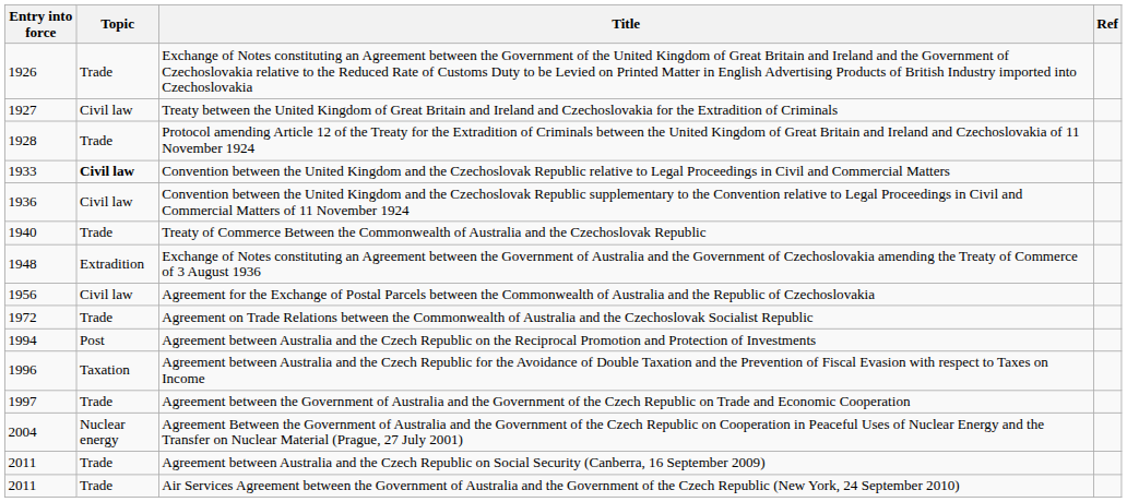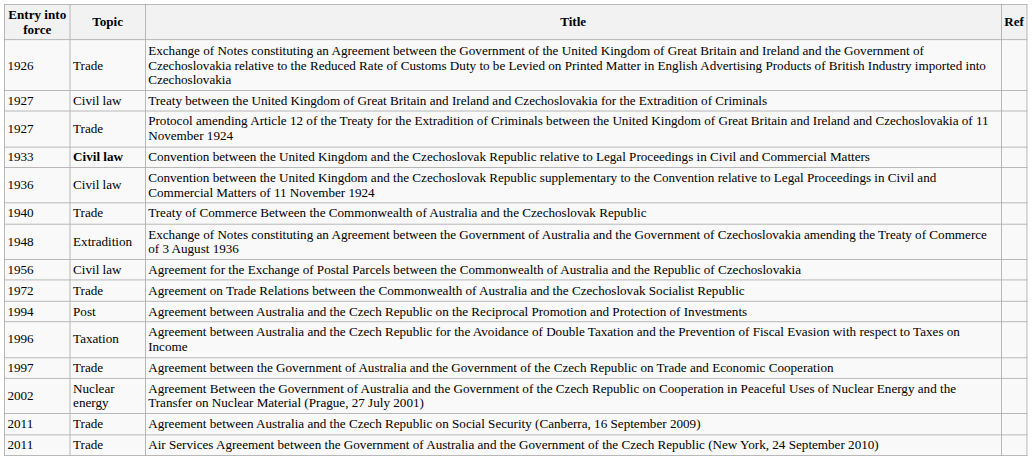 <table class="wikitable sortable">
 <tr>
 <th>Entry into force</th>
 <th>Topic</th>
 <th>Title</th>
 <th>Ref</th>
 </tr>
 <tr>
 <td>1926</td>
 <td>Trade</td>
 <td>Exchange of Notes constituting an Agreement between the Government of the United Kingdom of Great Britain and Ireland and the Government of Czechoslovakia relative to the Reduced Rate of Customs Duty to be Levied on Printed Matter in English Advertising Products of British Industry imported into Czechoslovakia</td>
 <td></td>
 </tr>
 <tr>
 <td>1927</td>
 <td>Civil law</td>
 <td>Treaty between the United Kingdom of Great Britain and Ireland and Czechoslovakia for the Extradition of Criminals</td>
 <td></td>
 </tr>
 <tr>
-<td>1928</td>
+<td>1927</td>
 <td>Trade</td>
 <td>Protocol amending Article 12 of the Treaty for the Extradition of Criminals between the United Kingdom of Great Britain and Ireland and Czechoslovakia of 11 November 1924</td>
 <td></td>
 </tr>
 <tr>
 <td>1933</td>
 <td><strong>Civil law</strong></td>
 <td>Convention between the United Kingdom and the Czechoslovak Republic relative to Legal Proceedings in Civil and Commercial Matters</td>
 <td></td>
 </tr>
 <tr>
 <td>1936</td>
 <td>Civil law</td>
 <td>Convention between the United Kingdom and the Czechoslovak Republic supplementary to the Convention relative to Legal Proceedings in Civil and Commercial Matters of 11 November 1924</td>
 <td></td>
 </tr>
 <tr>
 <td>1940</td>
 <td>Trade</td>
 <td>Treaty of Commerce Between the Commonwealth of Australia and the Czechoslovak Republic</td>
 <td></td>
 </tr>
 <tr>
 <td>1948</td>
 <td>Extradition</td>
 <td>Exchange of Notes constituting an Agreement between the Government of Australia and the Government of Czechoslovakia amending the Treaty of Commerce of 3 August 1936</td>
 <td></td>
 </tr>
 <tr>
 <td>1956</td>
 <td>Civil law</td>
 <td>Agreement for the Exchange of Postal Parcels between the Commonwealth of Australia and the Republic of Czechoslovakia</td>
 <td></td>
 </tr>
 <tr>
 <td>1972</td>
 <td>Trade</td>
 <td>Agreement on Trade Relations between the Commonwealth of Australia and the Czechoslovak Socialist Republic</td>
 <td></td>
 </tr>
 <tr>
 <td>1994</td>
 <td>Post</td>
 <td>Agreement between Australia and the Czech Republic on the Reciprocal Promotion and Protection of Investments</td>
 <td></td>
 </tr>
 <tr>
 <td>1996</td>
 <td>Taxation</td>
 <td>Agreement between Australia and the Czech Republic for the Avoidance of Double Taxation and the Prevention of Fiscal Evasion with respect to Taxes on Income</td>
 <td></td>
 </tr>
 <tr>
 <td>1997</td>
 <td>Trade</td>
 <td>Agreement between the Government of Australia and the Government of the Czech Republic on Trade and Economic Cooperation</td>
 <td></td>
 </tr>
 <tr>
-<td>2004</td>
+<td>2002</td>
 <td>Nuclear energy</td>
 <td>Agreement Between the Government of Australia and the Government of the Czech Republic on Cooperation in Peaceful Uses of Nuclear Energy and the Transfer on Nuclear Material (Prague, 27 July 2001)</td>
 <td></td>
 </tr>
 <tr>
 <td>2011</td>
 <td>Trade</td>
 <td>Agreement between Australia and the Czech Republic on Social Security (Canberra, 16 September 2009)</td>
 <td></td>
 </tr>
 <tr>
 <td>2011</td>
 <td>Trade</td>
 <td>Air Services Agreement between the Government of Australia and the Government of the Czech Republic (New York, 24 September 2010)</td>
 <td></td>
 </tr>
 </table>
